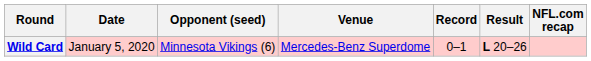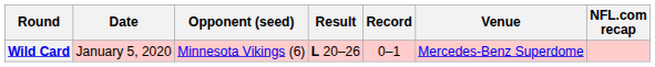 <table class="wikitable" style="text-align:center">
 <tr>
 <th>Round</th>
 <th>Date</th>
 <th>Opponent (seed)</th>
+<th>Result</th>
+<th>Record</th>
 <th>Venue</th>
-<th>Record</th>
-<th>Result</th>
 <th>NFL.com<br>recap</th>
 </tr>
 <tr style="background:#fcc">
 <th><a href='#'>Wild Card</a></th>
 <td>January 5, 2020</td>
 <td><a href='#'>Minnesota Vikings</a> (6)</td>
+<td><strong>L</strong> 20–26 </td>
+<td>0–1</td>
 <td><a href='#'>Mercedes-Benz Superdome</a></td>
-<td>0–1</td>
-<td><strong>L</strong> 20–26 </td>
 <td></td>
 </tr>
 </table>
